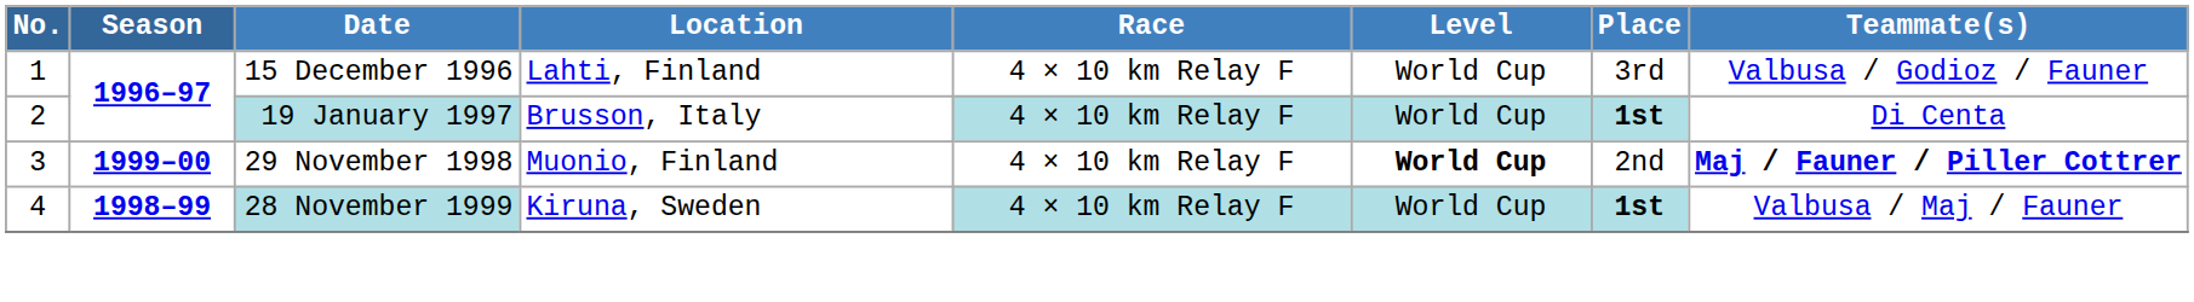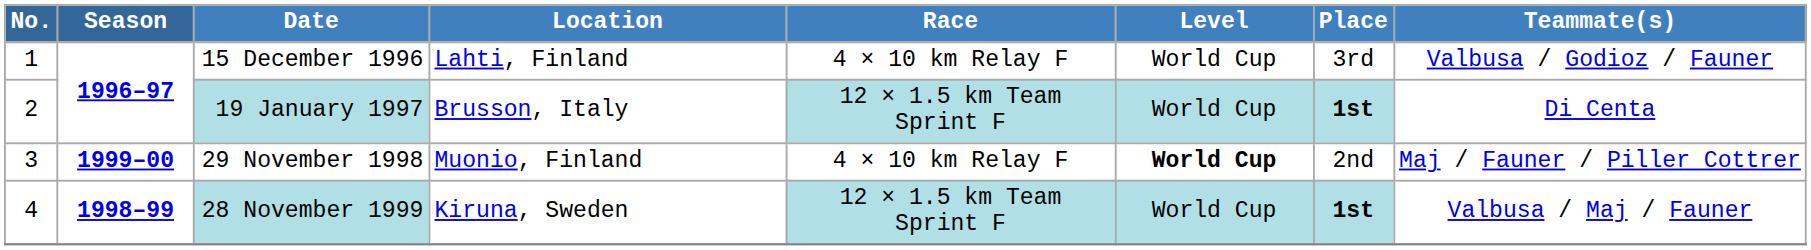 <table class="wikitable sortable" style="font-size:95%; text-align:center; border:grey solid 1px; border-collapse:collapse; background:#ffffff;">
 <tr style="background:#efefef;">
 <th style="background-color:#369; color:white;">No.</th>
 <th style="background-color:#369; color:white;">Season</th>
 <th style="background-color:#4180be; color:white; width:120px;">Date</th>
 <th style="background-color:#4180be; color:white; width:185px;">Location</th>
 <th style="background-color:#4180be; color:white; width:170px;">Race</th>
 <th style="background-color:#4180be; color:white; width:100px;">Level</th>
 <th style="background-color:#4180be; color:white;">Place</th>
 <th style="background-color:#4180be; color:white;">Teammate(s)</th>
 </tr>
 <tr>
 <td align=center>1</td>
 <td rowspan=2 align=center><strong> <a href='#'>1996–97</a> </strong></td>
 <td align=right>15 December 1996</td>
 <td align=left> <a href='#'>Lahti</a>, Finland</td>
 <td>4 × 10 km Relay F</td>
 <td>World Cup</td>
 <td>3rd</td>
 <td><a href='#'>Valbusa</a> / <a href='#'>Godioz</a> / <a href='#'>Fauner</a></td>
 </tr>
 <tr>
 <td align=center>2</td>
 <td bgcolor="#BOEOE6" align=right>19 January 1997</td>
 <td align=left> <a href='#'>Brusson</a>, Italy</td>
-<td bgcolor="#BOEOE6">4 × 10 km Relay F</td>
+<td bgcolor="#BOEOE6">12 × 1.5 km Team Sprint F</td>
 <td bgcolor="#BOEOE6">World Cup</td>
 <td bgcolor="#BOEOE6"><strong>1st</strong></td>
 <td><a href='#'>Di Centa</a></td>
 </tr>
 <tr>
 <td align=center>3</td>
 <td rowspan=1 align=center><strong><a href='#'>1999–00</a></strong></td>
 <td align=right>29 November 1998</td>
 <td align=left> <a href='#'>Muonio</a>, Finland</td>
 <td>4 × 10 km Relay F</td>
 <td><strong>World Cup</strong></td>
 <td>2nd</td>
-<td><strong><a href='#'>Maj</a> / <a href='#'>Fauner</a> / <a href='#'>Piller Cottrer</a></strong></td>
+<td><a href='#'>Maj</a> / <a href='#'>Fauner</a> / <a href='#'>Piller Cottrer</a></td>
 </tr>
 <tr>
 <td align=center>4</td>
 <td rowspan=1 align=center><strong> <a href='#'>1998–99</a> </strong></td>
 <td bgcolor="#BOEOE6" align=right>28 November 1999</td>
 <td align=left> <a href='#'>Kiruna</a>, Sweden</td>
-<td bgcolor="#BOEOE6">4 × 10 km Relay F</td>
+<td bgcolor="#BOEOE6">12 × 1.5 km Team Sprint F</td>
 <td bgcolor="#BOEOE6">World Cup</td>
 <td bgcolor="#BOEOE6"><strong>1st</strong></td>
 <td><a href='#'>Valbusa</a> / <a href='#'>Maj</a> / <a href='#'>Fauner</a></td>
 </tr>
 <tr>
 </tr>
 </table>
